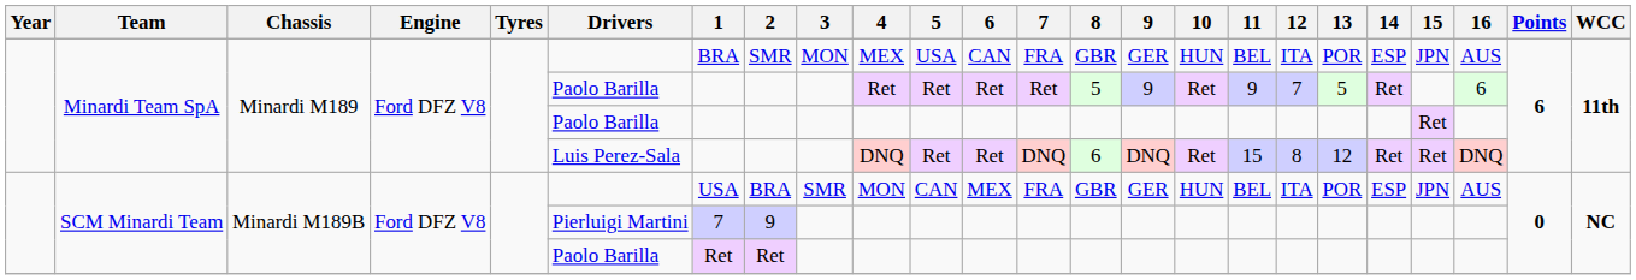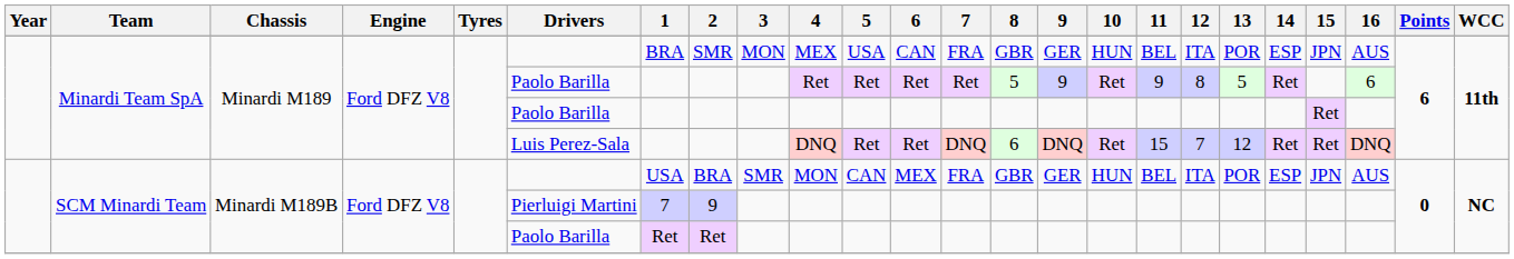 <table class="wikitable" style="text-align:center; font-size:95%">
 <tr>
 <th>Year</th>
 <th>Team</th>
 <th>Chassis</th>
 <th>Engine</th>
 <th>Tyres</th>
 <th>Drivers</th>
 <th>1</th>
 <th>2</th>
 <th>3</th>
 <th>4</th>
 <th>5</th>
 <th>6</th>
 <th>7</th>
 <th>8</th>
 <th>9</th>
 <th>10</th>
 <th>11</th>
 <th>12</th>
 <th>13</th>
 <th>14</th>
 <th>15</th>
 <th>16</th>
 <th><a href='#'>Points</a></th>
 <th>WCC</th>
 </tr>
 <tr>
 </tr>
 <tr>
 <td rowspan="4"></td>
 <td rowspan="4"><a href='#'>Minardi Team SpA</a></td>
 <td rowspan="4">Minardi M189</td>
 <td rowspan="4"><a href='#'>Ford</a> DFZ <a href='#'>V8</a></td>
 <td rowspan="4"></td>
 <td></td>
 <td><a href='#'>BRA</a></td>
 <td><a href='#'>SMR</a></td>
 <td><a href='#'>MON</a></td>
 <td><a href='#'>MEX</a></td>
 <td><a href='#'>USA</a></td>
 <td><a href='#'>CAN</a></td>
 <td><a href='#'>FRA</a></td>
 <td><a href='#'>GBR</a></td>
 <td><a href='#'>GER</a></td>
 <td><a href='#'>HUN</a></td>
 <td><a href='#'>BEL</a></td>
 <td><a href='#'>ITA</a></td>
 <td><a href='#'>POR</a></td>
 <td><a href='#'>ESP</a></td>
 <td><a href='#'>JPN</a></td>
 <td><a href='#'>AUS</a></td>
 <td rowspan="4"><strong>6</strong></td>
 <td rowspan="4"><strong>11th</strong></td>
 </tr>
 <tr>
 <td align="left"> <a href='#'>Paolo Barilla</a></td>
 <td></td>
 <td></td>
 <td></td>
 <td style="background:#EFCFFF;">Ret</td>
 <td style="background:#EFCFFF;">Ret</td>
 <td style="background:#EFCFFF;">Ret</td>
 <td style="background:#EFCFFF;">Ret</td>
 <td style="background:#DFFFDF;">5</td>
 <td style="background:#CFCFFF;">9</td>
 <td style="background:#EFCFFF;">Ret</td>
 <td style="background:#CFCFFF;">9</td>
-<td style="background:#CFCFFF;">7</td>
+<td style="background:#CFCFFF;">8</td>
 <td style="background:#DFFFDF;">5</td>
 <td style="background:#EFCFFF;">Ret</td>
 <td></td>
 <td style="background:#DFFFDF;">6</td>
 </tr>
 <tr>
 <td align="left"> <a href='#'>Paolo Barilla</a></td>
 <td></td>
 <td></td>
 <td></td>
 <td></td>
 <td></td>
 <td></td>
 <td></td>
 <td></td>
 <td></td>
 <td></td>
 <td></td>
 <td></td>
 <td></td>
 <td></td>
 <td style="background:#EFCFFF;">Ret</td>
 <td></td>
 </tr>
 <tr>
 <td align="left"> <a href='#'>Luis Perez-Sala</a></td>
 <td></td>
 <td></td>
 <td></td>
 <td style="background:#FFCFCF;">DNQ</td>
 <td style="background:#EFCFFF;">Ret</td>
 <td style="background:#EFCFFF;">Ret</td>
 <td style="background:#FFCFCF;">DNQ</td>
 <td style="background:#DFFFDF;">6</td>
 <td style="background:#FFCFCF;">DNQ</td>
 <td style="background:#EFCFFF;">Ret</td>
 <td style="background:#CFCFFF;">15</td>
-<td style="background:#CFCFFF;">8</td>
+<td style="background:#CFCFFF;">7</td>
 <td style="background:#CFCFFF;">12</td>
 <td style="background:#EFCFFF;">Ret</td>
 <td style="background:#EFCFFF;">Ret</td>
 <td style="background:#FFCFCF;">DNQ</td>
 </tr>
 <tr>
 <td rowspan="3"></td>
 <td rowspan="3"><a href='#'>SCM Minardi Team</a></td>
 <td rowspan="3">Minardi M189B</td>
 <td rowspan="3"><a href='#'>Ford</a> DFZ <a href='#'>V8</a></td>
 <td rowspan="3"></td>
 <td></td>
 <td><a href='#'>USA</a></td>
 <td><a href='#'>BRA</a></td>
 <td><a href='#'>SMR</a></td>
 <td><a href='#'>MON</a></td>
 <td><a href='#'>CAN</a></td>
 <td><a href='#'>MEX</a></td>
 <td><a href='#'>FRA</a></td>
 <td><a href='#'>GBR</a></td>
 <td><a href='#'>GER</a></td>
 <td><a href='#'>HUN</a></td>
 <td><a href='#'>BEL</a></td>
 <td><a href='#'>ITA</a></td>
 <td><a href='#'>POR</a></td>
 <td><a href='#'>ESP</a></td>
 <td><a href='#'>JPN</a></td>
 <td><a href='#'>AUS</a></td>
 <td rowspan="3"><strong>0</strong></td>
 <td rowspan="3"><strong>NC</strong></td>
 </tr>
 <tr>
 <td align="left"> <a href='#'>Pierluigi Martini</a></td>
 <td style="background:#CFCFFF;">7</td>
 <td style="background:#CFCFFF;">9</td>
 <td></td>
 <td></td>
 <td></td>
 <td></td>
 <td></td>
 <td></td>
 <td></td>
 <td></td>
 <td></td>
 <td></td>
 <td></td>
 <td></td>
 <td></td>
 <td></td>
 </tr>
 <tr>
 <td align="left"> <a href='#'>Paolo Barilla</a></td>
 <td style="background:#EFCFFF;">Ret</td>
 <td style="background:#EFCFFF;">Ret</td>
 <td></td>
 <td></td>
 <td></td>
 <td></td>
 <td></td>
 <td></td>
 <td></td>
 <td></td>
 <td></td>
 <td></td>
 <td></td>
 <td></td>
 <td></td>
 <td></td>
 </tr>
 <tr>
 </tr>
 </table>
